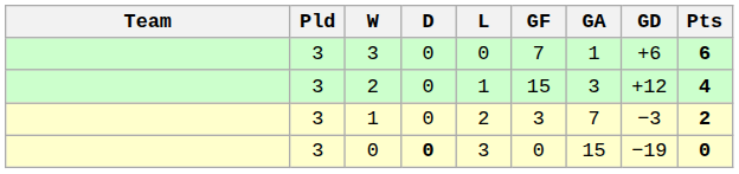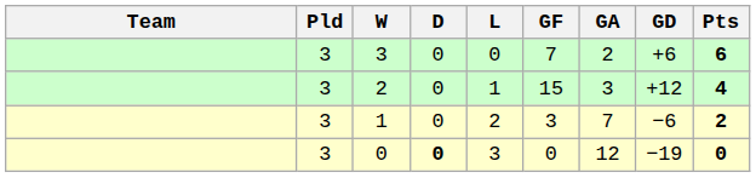 <table class=wikitable style="text-align:center">
 <tr>
 <th width="180">Team</th>
 <th width="30">Pld</th>
 <th width="30">W</th>
 <th width="30">D</th>
 <th width="30">L</th>
 <th width="30">GF</th>
 <th width="30">GA</th>
 <th width="30">GD</th>
 <th width="30">Pts</th>
 </tr>
 <tr bgcolor="ccffcc">
 <td align=left></td>
 <td>3</td>
 <td>3</td>
 <td>0</td>
 <td>0</td>
 <td>7</td>
-<td>1</td>
+<td>2</td>
 <td>+6</td>
 <td><strong>6</strong></td>
 </tr>
 <tr bgcolor="ccffcc">
 <td align=left></td>
 <td>3</td>
 <td>2</td>
 <td>0</td>
 <td>1</td>
 <td>15</td>
 <td>3</td>
 <td>+12</td>
 <td><strong>4</strong></td>
 </tr>
 <tr bgcolor="ffffcc">
 <td align=left></td>
 <td>3</td>
 <td>1</td>
 <td>0</td>
 <td>2</td>
 <td>3</td>
 <td>7</td>
-<td>−3</td>
+<td>−6</td>
 <td><strong>2</strong></td>
 </tr>
 <tr bgcolor="ffffcc">
 <td align=left></td>
 <td>3</td>
 <td>0</td>
 <td><strong>0</strong></td>
 <td>3</td>
 <td>0</td>
-<td>15</td>
+<td>12</td>
 <td>−19</td>
 <td><strong>0</strong></td>
 </tr>
 </table>
